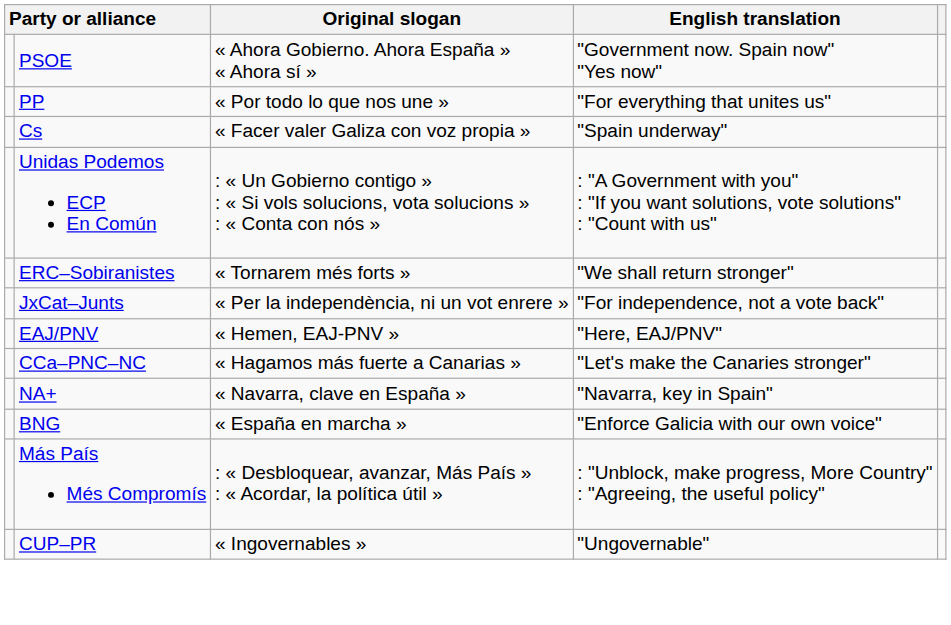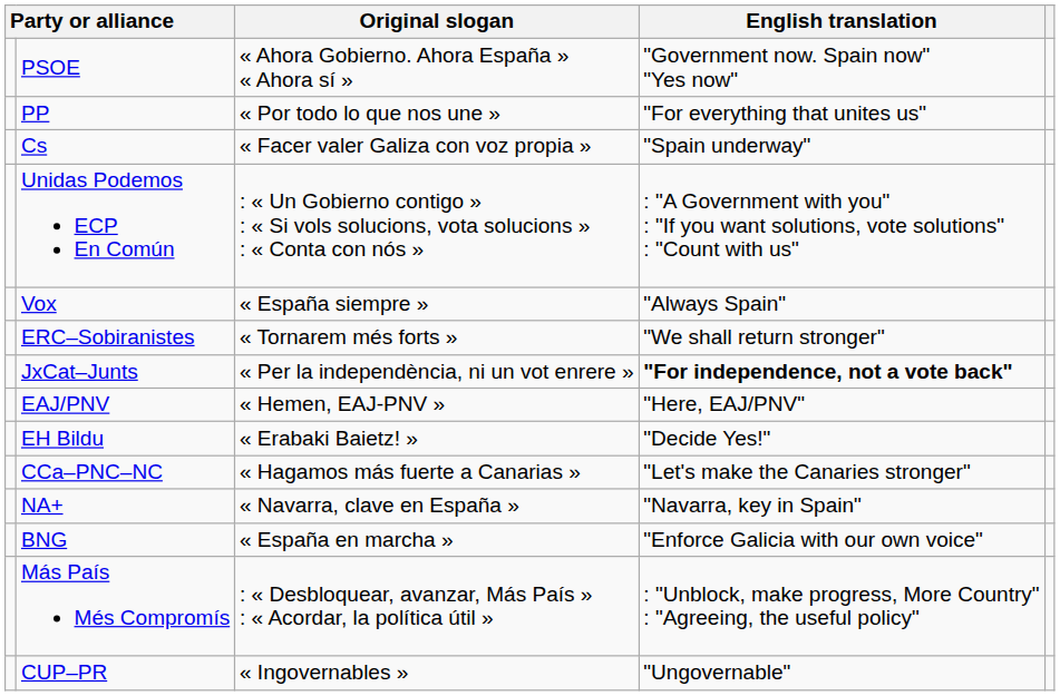 <table class="wikitable" style="text-align:left;">
 <tr>
 <th style="text-align:left;" colspan="2">Party or alliance</th>
 <th>Original slogan</th>
 <th>English translation</th>
 <th></th>
 </tr>
 <tr>
 <td width="1" style="color:inherit;background:"></td>
 <td><a href='#'>PSOE</a></td>
 <td>« Ahora Gobierno. Ahora España »<br>« Ahora sí »</td>
 <td>"Government now. Spain now"<br>"Yes now"</td>
 <td><br></td>
 </tr>
 <tr>
 <td style="color:inherit;background:"></td>
 <td><a href='#'>PP</a></td>
 <td>« Por todo lo que nos une »</td>
 <td>"For everything that unites us"</td>
 <td></td>
 </tr>
 <tr>
 <td style="color:inherit;background:"></td>
 <td><a href='#'>Cs</a></td>
 <td>« Facer valer Galiza con voz propia »</td>
 <td>"Spain underway"</td>
 <td></td>
 </tr>
 <tr>
 <td style="color:inherit;background:"></td>
 <td><a href='#'>Unidas Podemos</a><br><ul><li><a href='#'>ECP</a></li><li><a href='#'>En Común</a></li></ul></td>
 <td>: « Un Gobierno contigo »<br>: « Si vols solucions, vota solucions »<br>: « Conta con nós »</td>
 <td>: "A Government with you"<br>: "If you want solutions, vote solutions"<br>: "Count with us"</td>
 <td><br><br></td>
 </tr>
 <tr>
 <td style="color:inherit;background:"></td>
+<td><a href='#'>Vox</a></td>
+<td>« España siempre »</td>
+<td>"Always Spain"</td>
+<td></td>
+</tr>
+<tr>
+<td style="color:inherit;background:"></td>
 <td><a href='#'>ERC–Sobiranistes</a></td>
 <td>« Tornarem més forts »</td>
 <td>"We shall return stronger"</td>
 <td></td>
 </tr>
 <tr>
 <td style="color:inherit;background:"></td>
 <td><a href='#'>JxCat–Junts</a></td>
 <td>« Per la independència, ni un vot enrere »</td>
-<td>"For independence, not a vote back"</td>
+<td><strong>"For independence, not a vote back"</strong></td>
 <td></td>
 </tr>
 <tr>
 <td style="color:inherit;background:"></td>
 <td><a href='#'>EAJ/PNV</a></td>
 <td>« Hemen, EAJ-PNV »</td>
 <td>"Here, EAJ/PNV"</td>
+<td></td>
+</tr>
+<tr>
+<td style="color:inherit;background:"></td>
+<td><a href='#'>EH Bildu</a></td>
+<td>« Erabaki Baietz! »</td>
+<td>"Decide Yes!"</td>
 <td></td>
 </tr>
 <tr>
 <td style="color:inherit;background:"></td>
 <td><a href='#'>CCa–PNC–NC</a></td>
 <td>« Hagamos más fuerte a Canarias »</td>
 <td>"Let's make the Canaries stronger"</td>
 <td></td>
 </tr>
 <tr>
 <td style="color:inherit;background:"></td>
 <td><a href='#'>NA+</a></td>
 <td>« Navarra, clave en España »</td>
 <td>"Navarra, key in Spain"</td>
 <td></td>
 </tr>
 <tr>
 <td style="color:inherit;background:"></td>
 <td><a href='#'>BNG</a></td>
 <td>« España en marcha »</td>
 <td>"Enforce Galicia with our own voice"</td>
 <td></td>
 </tr>
 <tr>
 <td style="color:inherit;background:"></td>
 <td><a href='#'>Más País</a><br><ul><li><a href='#'>Més Compromís</a></li></ul></td>
 <td>: « Desbloquear, avanzar, Más País »<br>: « Acordar, la política útil »</td>
 <td>: "Unblock, make progress, More Country"<br>: "Agreeing, the useful policy"</td>
 <td><br></td>
 </tr>
 <tr>
 <td style="color:inherit;background:"></td>
 <td><a href='#'>CUP–PR</a></td>
 <td>« Ingovernables »</td>
 <td>"Ungovernable"</td>
 <td></td>
 </tr>
 </table>
